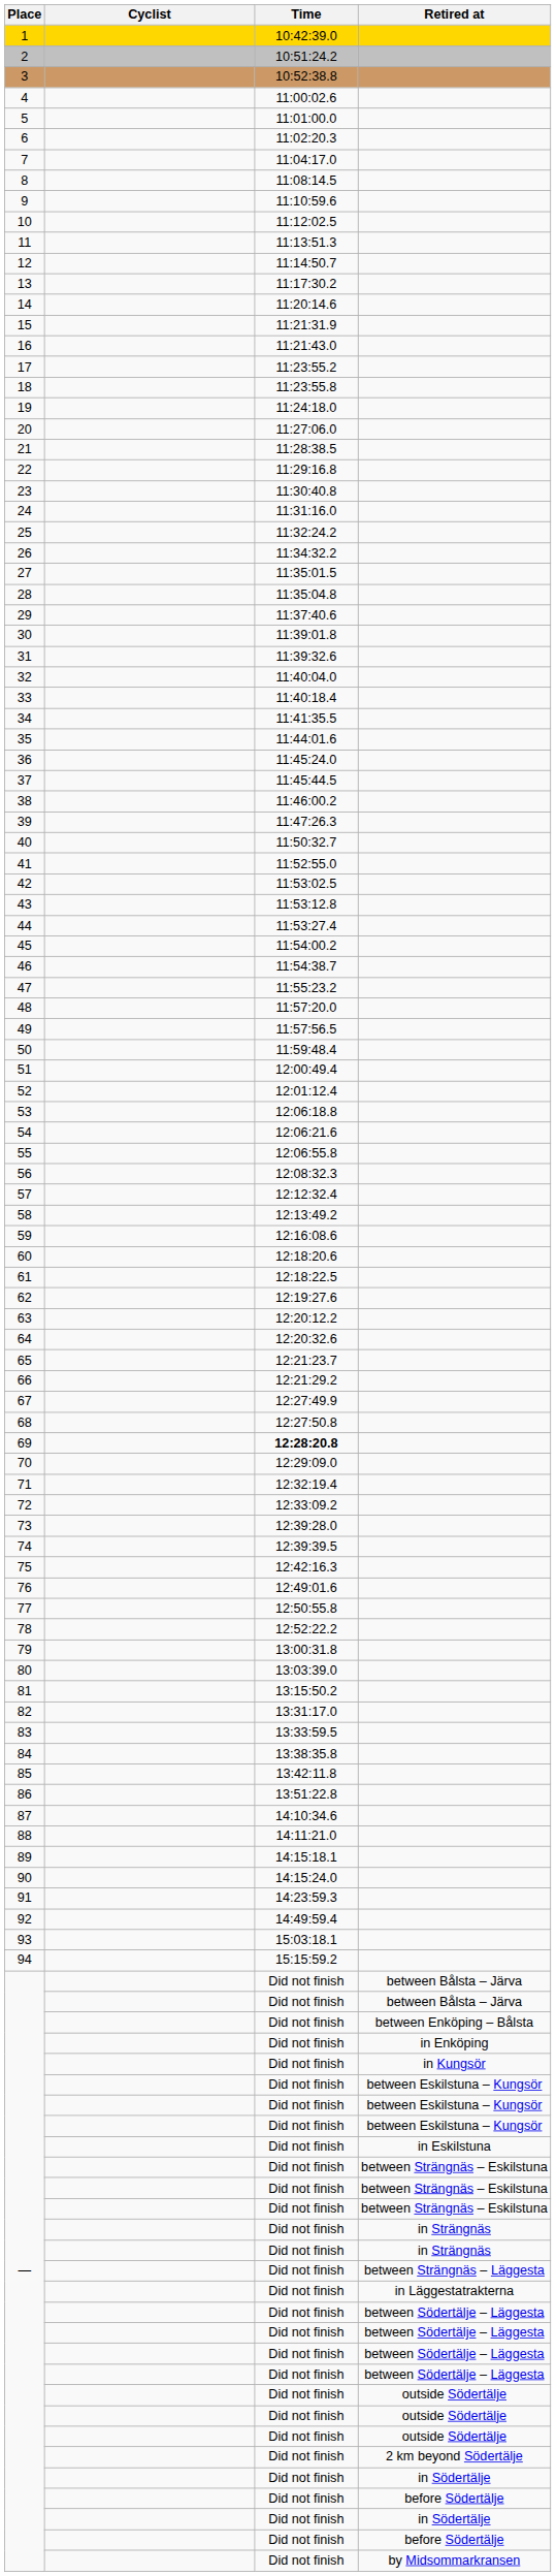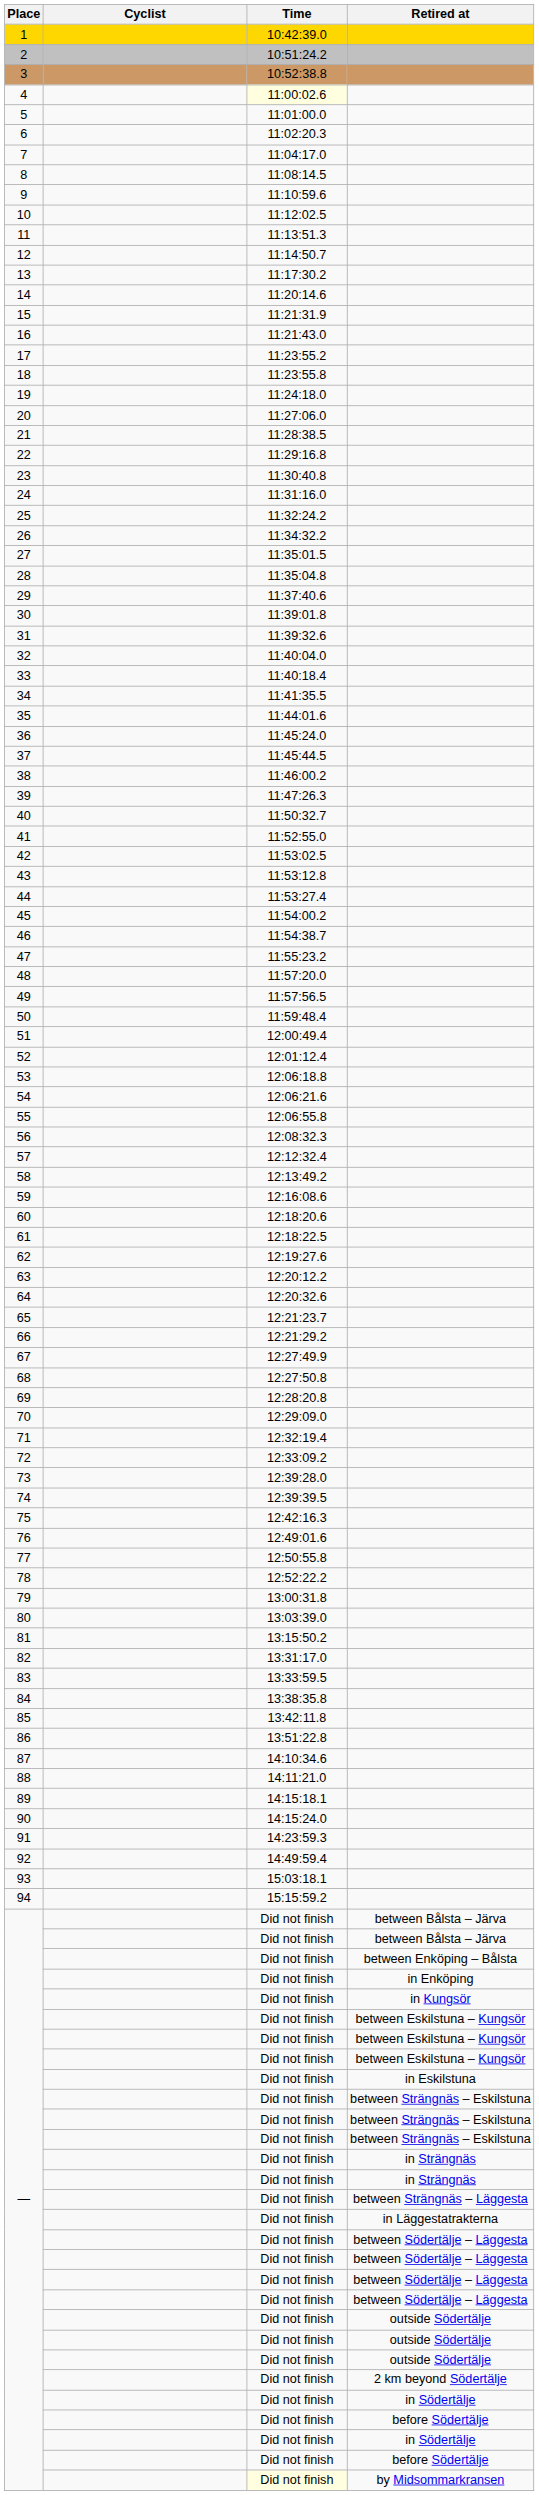 <table class=wikitable style="text-align:center">
 <tr>
 <th>Place</th>
 <th width=250>Cyclist</th>
 <th width=120>Time</th>
 <th>Retired at</th>
 </tr>
 <tr bgcolor=gold>
 <td>1</td>
 <td align=left></td>
 <td>10:42:39.0</td>
 <td></td>
 </tr>
 <tr bgcolor=silver>
 <td>2</td>
 <td align=left></td>
 <td>10:51:24.2</td>
 <td></td>
 </tr>
 <tr bgcolor=cc9966>
 <td>3</td>
 <td align=left></td>
 <td>10:52:38.8</td>
 <td></td>
 </tr>
 <tr>
 <td>4</td>
 <td align=left></td>
-<td>11:00:02.6</td>
+<td style="background: lightyellow;">11:00:02.6</td>
 <td></td>
 </tr>
 <tr>
 <td>5</td>
 <td align=left></td>
 <td>11:01:00.0</td>
 <td></td>
 </tr>
 <tr>
 <td>6</td>
 <td align=left></td>
 <td>11:02:20.3</td>
 <td></td>
 </tr>
 <tr>
 <td>7</td>
 <td align=left></td>
 <td>11:04:17.0</td>
 <td></td>
 </tr>
 <tr>
 <td>8</td>
 <td align=left></td>
 <td>11:08:14.5</td>
 <td></td>
 </tr>
 <tr>
 <td>9</td>
 <td align=left></td>
 <td>11:10:59.6</td>
 <td></td>
 </tr>
 <tr>
 <td>10</td>
 <td align=left></td>
 <td>11:12:02.5</td>
 <td></td>
 </tr>
 <tr>
 <td>11</td>
 <td align=left></td>
 <td>11:13:51.3</td>
 <td></td>
 </tr>
 <tr>
 <td>12</td>
 <td align=left></td>
 <td>11:14:50.7</td>
 <td></td>
 </tr>
 <tr>
 <td>13</td>
 <td align=left></td>
 <td>11:17:30.2</td>
 <td></td>
 </tr>
 <tr>
 <td>14</td>
 <td align=left></td>
 <td>11:20:14.6</td>
 <td></td>
 </tr>
 <tr>
 <td>15</td>
 <td align=left></td>
 <td>11:21:31.9</td>
 <td></td>
 </tr>
 <tr>
 <td>16</td>
 <td align=left></td>
 <td>11:21:43.0</td>
 <td></td>
 </tr>
 <tr>
 <td>17</td>
 <td align=left></td>
 <td>11:23:55.2</td>
 <td></td>
 </tr>
 <tr>
 <td>18</td>
 <td align=left></td>
 <td>11:23:55.8</td>
 <td></td>
 </tr>
 <tr>
 <td>19</td>
 <td align=left></td>
 <td>11:24:18.0</td>
 <td></td>
 </tr>
 <tr>
 <td>20</td>
 <td align=left></td>
 <td>11:27:06.0</td>
 <td></td>
 </tr>
 <tr>
 <td>21</td>
 <td align=left></td>
 <td>11:28:38.5</td>
 <td></td>
 </tr>
 <tr>
 <td>22</td>
 <td align=left></td>
 <td>11:29:16.8</td>
 <td></td>
 </tr>
 <tr>
 <td>23</td>
 <td align=left></td>
 <td>11:30:40.8</td>
 <td></td>
 </tr>
 <tr>
 <td>24</td>
 <td align=left></td>
 <td>11:31:16.0</td>
 <td></td>
 </tr>
 <tr>
 <td>25</td>
 <td align=left></td>
 <td>11:32:24.2</td>
 <td></td>
 </tr>
 <tr>
 <td>26</td>
 <td align=left></td>
 <td>11:34:32.2</td>
 <td></td>
 </tr>
 <tr>
 <td>27</td>
 <td align=left></td>
 <td>11:35:01.5</td>
 <td></td>
 </tr>
 <tr>
 <td>28</td>
 <td align=left></td>
 <td>11:35:04.8</td>
 <td></td>
 </tr>
 <tr>
 <td>29</td>
 <td align=left></td>
 <td>11:37:40.6</td>
 <td></td>
 </tr>
 <tr>
 <td>30</td>
 <td align=left></td>
 <td>11:39:01.8</td>
 <td></td>
 </tr>
 <tr>
 <td>31</td>
 <td align=left></td>
 <td>11:39:32.6</td>
 <td></td>
 </tr>
 <tr>
 <td>32</td>
 <td align=left></td>
 <td>11:40:04.0</td>
 <td></td>
 </tr>
 <tr>
 <td>33</td>
 <td align=left></td>
 <td>11:40:18.4</td>
 <td></td>
 </tr>
 <tr>
 <td>34</td>
 <td align=left></td>
 <td>11:41:35.5</td>
 <td></td>
 </tr>
 <tr>
 <td>35</td>
 <td align=left></td>
 <td>11:44:01.6</td>
 <td></td>
 </tr>
 <tr>
 <td>36</td>
 <td align=left></td>
 <td>11:45:24.0</td>
 <td></td>
 </tr>
 <tr>
 <td>37</td>
 <td align=left></td>
 <td>11:45:44.5</td>
 <td></td>
 </tr>
 <tr>
 <td>38</td>
 <td align=left></td>
 <td>11:46:00.2</td>
 <td></td>
 </tr>
 <tr>
 <td>39</td>
 <td align=left></td>
 <td>11:47:26.3</td>
 <td></td>
 </tr>
 <tr>
 <td>40</td>
 <td align=left></td>
 <td>11:50:32.7</td>
 <td></td>
 </tr>
 <tr>
 <td>41</td>
 <td align=left></td>
 <td>11:52:55.0</td>
 <td></td>
 </tr>
 <tr>
 <td>42</td>
 <td align=left></td>
 <td>11:53:02.5</td>
 <td></td>
 </tr>
 <tr>
 <td>43</td>
 <td align=left></td>
 <td>11:53:12.8</td>
 <td></td>
 </tr>
 <tr>
 <td>44</td>
 <td align=left></td>
 <td>11:53:27.4</td>
 <td></td>
 </tr>
 <tr>
 <td>45</td>
 <td align=left></td>
 <td>11:54:00.2</td>
 <td></td>
 </tr>
 <tr>
 <td>46</td>
 <td align=left></td>
 <td>11:54:38.7</td>
 <td></td>
 </tr>
 <tr>
 <td>47</td>
 <td align=left></td>
 <td>11:55:23.2</td>
 <td></td>
 </tr>
 <tr>
 <td>48</td>
 <td align=left></td>
 <td>11:57:20.0</td>
 <td></td>
 </tr>
 <tr>
 <td>49</td>
 <td align=left></td>
 <td>11:57:56.5</td>
 <td></td>
 </tr>
 <tr>
 <td>50</td>
 <td align=left></td>
 <td>11:59:48.4</td>
 <td></td>
 </tr>
 <tr>
 <td>51</td>
 <td align=left></td>
 <td>12:00:49.4</td>
 <td></td>
 </tr>
 <tr>
 <td>52</td>
 <td align=left></td>
 <td>12:01:12.4</td>
 <td></td>
 </tr>
 <tr>
 <td>53</td>
 <td align=left></td>
 <td>12:06:18.8</td>
 <td></td>
 </tr>
 <tr>
 <td>54</td>
 <td align=left></td>
 <td>12:06:21.6</td>
 <td></td>
 </tr>
 <tr>
 <td>55</td>
 <td align=left></td>
 <td>12:06:55.8</td>
 <td></td>
 </tr>
 <tr>
 <td>56</td>
 <td align=left></td>
 <td>12:08:32.3</td>
 <td></td>
 </tr>
 <tr>
 <td>57</td>
 <td align=left></td>
 <td>12:12:32.4</td>
 <td></td>
 </tr>
 <tr>
 <td>58</td>
 <td align=left></td>
 <td>12:13:49.2</td>
 <td></td>
 </tr>
 <tr>
 <td>59</td>
 <td align=left></td>
 <td>12:16:08.6</td>
 <td></td>
 </tr>
 <tr>
 <td>60</td>
 <td align=left></td>
 <td>12:18:20.6</td>
 <td></td>
 </tr>
 <tr>
 <td>61</td>
 <td align=left></td>
 <td>12:18:22.5</td>
 <td></td>
 </tr>
 <tr>
 <td>62</td>
 <td align=left></td>
 <td>12:19:27.6</td>
 <td></td>
 </tr>
 <tr>
 <td>63</td>
 <td align=left></td>
 <td>12:20:12.2</td>
 <td></td>
 </tr>
 <tr>
 <td>64</td>
 <td align=left></td>
 <td>12:20:32.6</td>
 <td></td>
 </tr>
 <tr>
 <td>65</td>
 <td align=left></td>
 <td>12:21:23.7</td>
 <td></td>
 </tr>
 <tr>
 <td>66</td>
 <td align=left></td>
 <td>12:21:29.2</td>
 <td></td>
 </tr>
 <tr>
 <td>67</td>
 <td align=left></td>
 <td>12:27:49.9</td>
 <td></td>
 </tr>
 <tr>
 <td>68</td>
 <td align=left></td>
 <td>12:27:50.8</td>
 <td></td>
 </tr>
 <tr>
 <td>69</td>
 <td align=left></td>
-<td><strong>12:28:20.8</strong></td>
+<td>12:28:20.8</td>
 <td></td>
 </tr>
 <tr>
 <td>70</td>
 <td align=left></td>
 <td>12:29:09.0</td>
 <td></td>
 </tr>
 <tr>
 <td>71</td>
 <td align=left></td>
 <td>12:32:19.4</td>
 <td></td>
 </tr>
 <tr>
 <td>72</td>
 <td align=left></td>
 <td>12:33:09.2</td>
 <td></td>
 </tr>
 <tr>
 <td>73</td>
 <td align=left></td>
 <td>12:39:28.0</td>
 <td></td>
 </tr>
 <tr>
 <td>74</td>
 <td align=left></td>
 <td>12:39:39.5</td>
 <td></td>
 </tr>
 <tr>
 <td>75</td>
 <td align=left></td>
 <td>12:42:16.3</td>
 <td></td>
 </tr>
 <tr>
 <td>76</td>
 <td align=left></td>
 <td>12:49:01.6</td>
 <td></td>
 </tr>
 <tr>
 <td>77</td>
 <td align=left></td>
 <td>12:50:55.8</td>
 <td></td>
 </tr>
 <tr>
 <td>78</td>
 <td align=left></td>
 <td>12:52:22.2</td>
 <td></td>
 </tr>
 <tr>
 <td>79</td>
 <td align=left></td>
 <td>13:00:31.8</td>
 <td></td>
 </tr>
 <tr>
 <td>80</td>
 <td align=left></td>
 <td>13:03:39.0</td>
 <td></td>
 </tr>
 <tr>
 <td>81</td>
 <td align=left></td>
 <td>13:15:50.2</td>
 <td></td>
 </tr>
 <tr>
 <td>82</td>
 <td align=left></td>
 <td>13:31:17.0</td>
 <td></td>
 </tr>
 <tr>
 <td>83</td>
 <td align=left></td>
 <td>13:33:59.5</td>
 <td></td>
 </tr>
 <tr>
 <td>84</td>
 <td align=left></td>
 <td>13:38:35.8</td>
 <td></td>
 </tr>
 <tr>
 <td>85</td>
 <td align=left></td>
 <td>13:42:11.8</td>
 <td></td>
 </tr>
 <tr>
 <td>86</td>
 <td align=left></td>
 <td>13:51:22.8</td>
 <td></td>
 </tr>
 <tr>
 <td>87</td>
 <td align=left></td>
 <td>14:10:34.6</td>
 <td></td>
 </tr>
 <tr>
 <td>88</td>
 <td align=left></td>
 <td>14:11:21.0</td>
 <td></td>
 </tr>
 <tr>
 <td>89</td>
 <td align=left></td>
 <td>14:15:18.1</td>
 <td></td>
 </tr>
 <tr>
 <td>90</td>
 <td align=left></td>
 <td>14:15:24.0</td>
 <td></td>
 </tr>
 <tr>
 <td>91</td>
 <td align=left></td>
 <td>14:23:59.3</td>
 <td></td>
 </tr>
 <tr>
 <td>92</td>
 <td align=left></td>
 <td>14:49:59.4</td>
 <td></td>
 </tr>
 <tr>
 <td>93</td>
 <td align=left></td>
 <td>15:03:18.1</td>
 <td></td>
 </tr>
 <tr>
 <td>94</td>
 <td align=left></td>
 <td>15:15:59.2</td>
 <td></td>
 </tr>
 <tr>
 <td rowspan=29>—</td>
 <td align=left></td>
 <td>Did not finish</td>
 <td>between Bålsta – Järva</td>
 </tr>
 <tr>
 <td align=left></td>
 <td>Did not finish</td>
 <td>between Bålsta – Järva</td>
 </tr>
 <tr>
 <td align=left></td>
 <td>Did not finish</td>
 <td>between Enköping – Bålsta</td>
 </tr>
 <tr>
 <td align=left></td>
 <td>Did not finish</td>
 <td>in Enköping</td>
 </tr>
 <tr>
 <td align=left></td>
 <td>Did not finish</td>
 <td>in <a href='#'>Kungsör</a></td>
 </tr>
 <tr>
 <td align=left></td>
 <td>Did not finish</td>
 <td>between Eskilstuna – <a href='#'>Kungsör</a></td>
 </tr>
 <tr>
 <td align=left></td>
 <td>Did not finish</td>
 <td>between Eskilstuna – <a href='#'>Kungsör</a></td>
 </tr>
 <tr>
 <td align=left></td>
 <td>Did not finish</td>
 <td>between Eskilstuna – <a href='#'>Kungsör</a></td>
 </tr>
 <tr>
 <td align=left></td>
 <td>Did not finish</td>
 <td>in Eskilstuna</td>
 </tr>
 <tr>
 <td align=left></td>
 <td>Did not finish</td>
 <td>between <a href='#'>Strängnäs</a> – Eskilstuna</td>
 </tr>
 <tr>
 <td align=left></td>
 <td>Did not finish</td>
 <td>between <a href='#'>Strängnäs</a> – Eskilstuna</td>
 </tr>
 <tr>
 <td align=left></td>
 <td>Did not finish</td>
 <td>between <a href='#'>Strängnäs</a> – Eskilstuna</td>
 </tr>
 <tr>
 <td align=left></td>
 <td>Did not finish</td>
 <td>in <a href='#'>Strängnäs</a></td>
 </tr>
 <tr>
 <td align=left></td>
 <td>Did not finish</td>
 <td>in <a href='#'>Strängnäs</a></td>
 </tr>
 <tr>
 <td align=left></td>
 <td>Did not finish</td>
 <td>between <a href='#'>Strängnäs</a> – <a href='#'>Läggesta</a></td>
 </tr>
 <tr>
 <td align=left></td>
 <td>Did not finish</td>
 <td>in Läggestatrakterna</td>
 </tr>
 <tr>
 <td align=left></td>
 <td>Did not finish</td>
 <td>between <a href='#'>Södertälje</a> – <a href='#'>Läggesta</a></td>
 </tr>
 <tr>
 <td align=left></td>
 <td>Did not finish</td>
 <td>between <a href='#'>Södertälje</a> – <a href='#'>Läggesta</a></td>
 </tr>
 <tr>
 <td align=left></td>
 <td>Did not finish</td>
 <td>between <a href='#'>Södertälje</a> – <a href='#'>Läggesta</a></td>
 </tr>
 <tr>
 <td align=left></td>
 <td>Did not finish</td>
 <td>between <a href='#'>Södertälje</a> – <a href='#'>Läggesta</a></td>
 </tr>
 <tr>
 <td align=left></td>
 <td>Did not finish</td>
 <td>outside <a href='#'>Södertälje</a></td>
 </tr>
 <tr>
 <td align=left></td>
 <td>Did not finish</td>
 <td>outside <a href='#'>Södertälje</a></td>
 </tr>
 <tr>
 <td align=left></td>
 <td>Did not finish</td>
 <td>outside <a href='#'>Södertälje</a></td>
 </tr>
 <tr>
 <td align=left></td>
 <td>Did not finish</td>
 <td>2 km beyond <a href='#'>Södertälje</a></td>
 </tr>
 <tr>
 <td align=left></td>
 <td>Did not finish</td>
 <td>in <a href='#'>Södertälje</a></td>
 </tr>
 <tr>
 <td align=left></td>
 <td>Did not finish</td>
 <td>before <a href='#'>Södertälje</a></td>
 </tr>
 <tr>
 <td align=left></td>
 <td>Did not finish</td>
 <td>in <a href='#'>Södertälje</a></td>
 </tr>
 <tr>
 <td align=left></td>
 <td>Did not finish</td>
 <td>before <a href='#'>Södertälje</a></td>
 </tr>
 <tr>
 <td align=left></td>
-<td>Did not finish</td>
+<td style="background: lightyellow;">Did not finish</td>
 <td>by <a href='#'>Midsommarkransen</a></td>
 </tr>
 </table>
